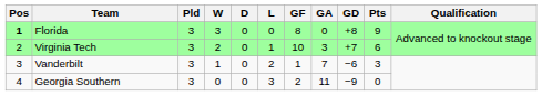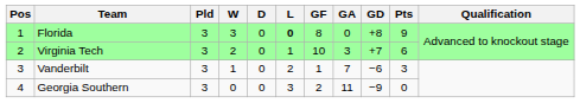 <table class="wikitable" style="text-align:center; margin: 1em auto">
 <tr>
 <th style="width:2em">Pos</th>
 <th style="width:13em">Team</th>
 <th style="width:2em">Pld</th>
 <th style="width:2em">W</th>
 <th style="width:2em">D</th>
 <th style="width:2em">L</th>
 <th style="width:2em">GF</th>
 <th style="width:2em">GA</th>
 <th style="width:2em">GD</th>
 <th style="width:2em">Pts</th>
 <th style="width:13em">Qualification</th>
 </tr>
 <tr bgcolor="#9eff9e">
-<td><strong>1</strong></td>
+<td>1</td>
 <td style="text-align:left">Florida</td>
 <td>3</td>
 <td>3</td>
 <td>0</td>
-<td>0</td>
+<td><strong>0</strong></td>
 <td>8</td>
 <td>0</td>
 <td>+8</td>
 <td>9</td>
 <td rowspan="2">Advanced to knockout stage</td>
 </tr>
 <tr bgcolor="#9eff9e">
 <td>2</td>
 <td style="text-align:left">Virginia Tech</td>
 <td>3</td>
 <td>2</td>
 <td>0</td>
 <td>1</td>
 <td>10</td>
 <td>3</td>
 <td>+7</td>
 <td>6</td>
 </tr>
 <tr>
 <td>3</td>
 <td style="text-align:left">Vanderbilt</td>
 <td>3</td>
 <td>1</td>
 <td>0</td>
 <td>2</td>
 <td>1</td>
 <td>7</td>
 <td>−6</td>
 <td>3</td>
 <td rowspan="2"></td>
 </tr>
 <tr>
 <td>4</td>
 <td style="text-align:left">Georgia Southern</td>
 <td>3</td>
 <td>0</td>
 <td>0</td>
 <td>3</td>
 <td>2</td>
 <td>11</td>
 <td>−9</td>
 <td>0</td>
 </tr>
 </table>
